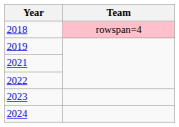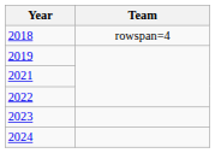 <table class=wikitable style="text-align:center; font-size:96%; ">
 <tr>
 <th width=80>Year</th>
 <th width=160>Team</th>
 </tr>
 <tr>
 <td align=left> <a href='#'>2018</a></td>
-<td style="background: pink;">rowspan=4 </td>
+<td>rowspan=4 </td>
 </tr>
 <tr>
 <td align=left> <a href='#'>2019</a></td>
 </tr>
 <tr>
 <td align=left> <a href='#'>2021</a></td>
 </tr>
 <tr>
 <td align=left> <a href='#'>2022</a></td>
 </tr>
 <tr>
 <td align=left> <a href='#'>2023</a></td>
 <td align=left></td>
 </tr>
 <tr>
 <td align=left> <a href='#'>2024</a></td>
 <td align=left></td>
 </tr>
 </table>
